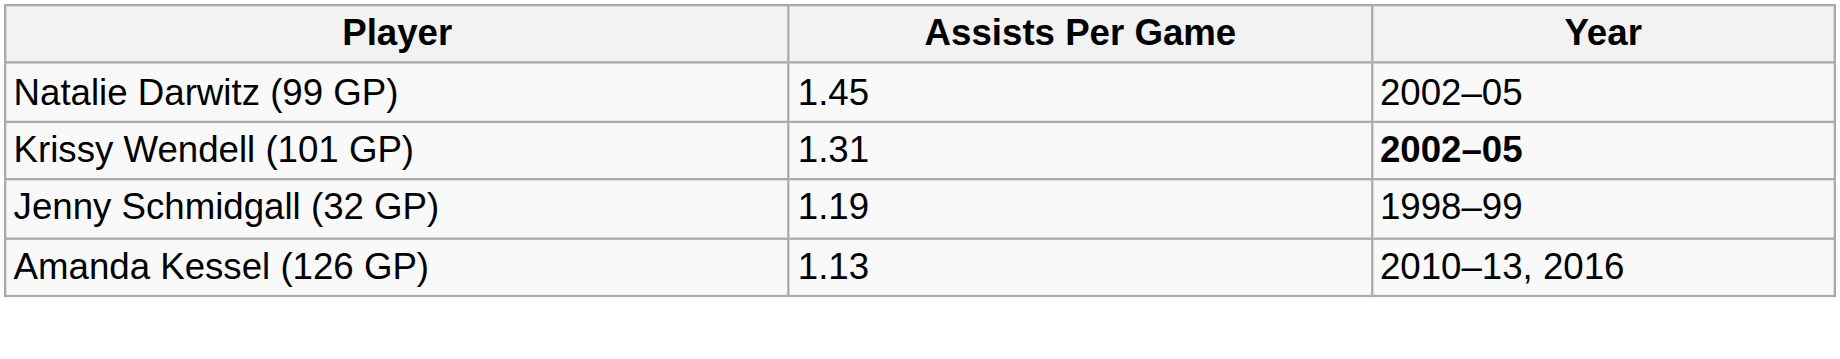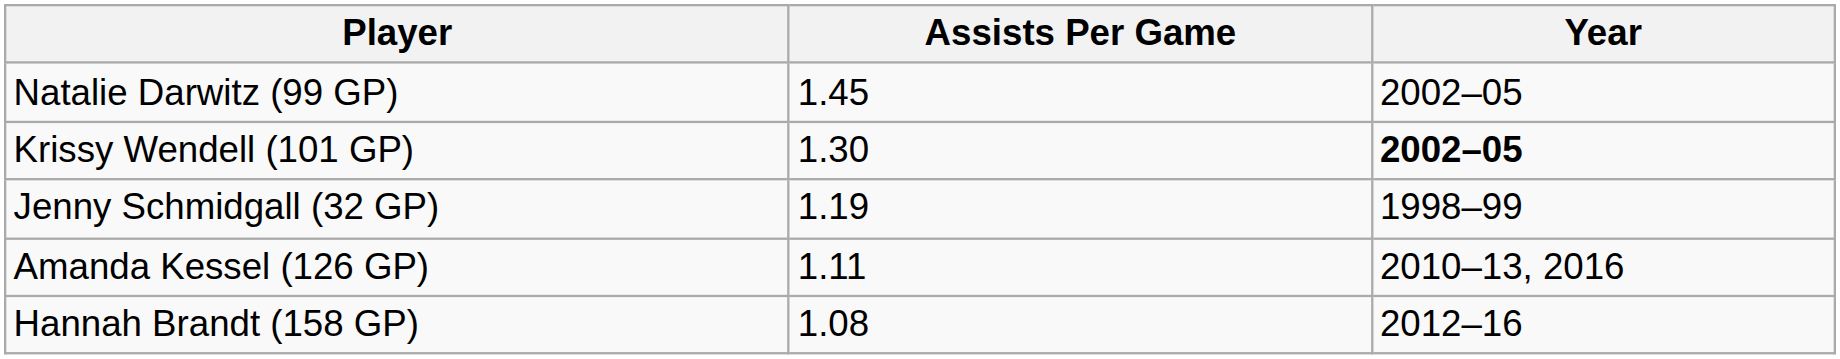 <table class="wikitable" style="width: 50em">
 <tr>
 <th>Player</th>
 <th>Assists Per Game</th>
 <th>Year</th>
 </tr>
 <tr>
 <td>Natalie Darwitz (99 GP)</td>
 <td>1.45</td>
 <td>2002–05</td>
 </tr>
 <tr>
 <td>Krissy Wendell (101 GP)</td>
-<td>1.31</td>
+<td>1.30</td>
 <td><strong>2002–05</strong></td>
 </tr>
 <tr>
 <td>Jenny Schmidgall (32 GP)</td>
 <td>1.19</td>
 <td>1998–99</td>
 </tr>
 <tr>
 <td>Amanda Kessel (126 GP)</td>
-<td>1.13</td>
+<td>1.11</td>
 <td>2010–13, 2016</td>
 </tr>
+<tr>
+<td>Hannah Brandt (158 GP)</td>
+<td>1.08</td>
+<td>2012–16</td>
+</tr>
 </table>
